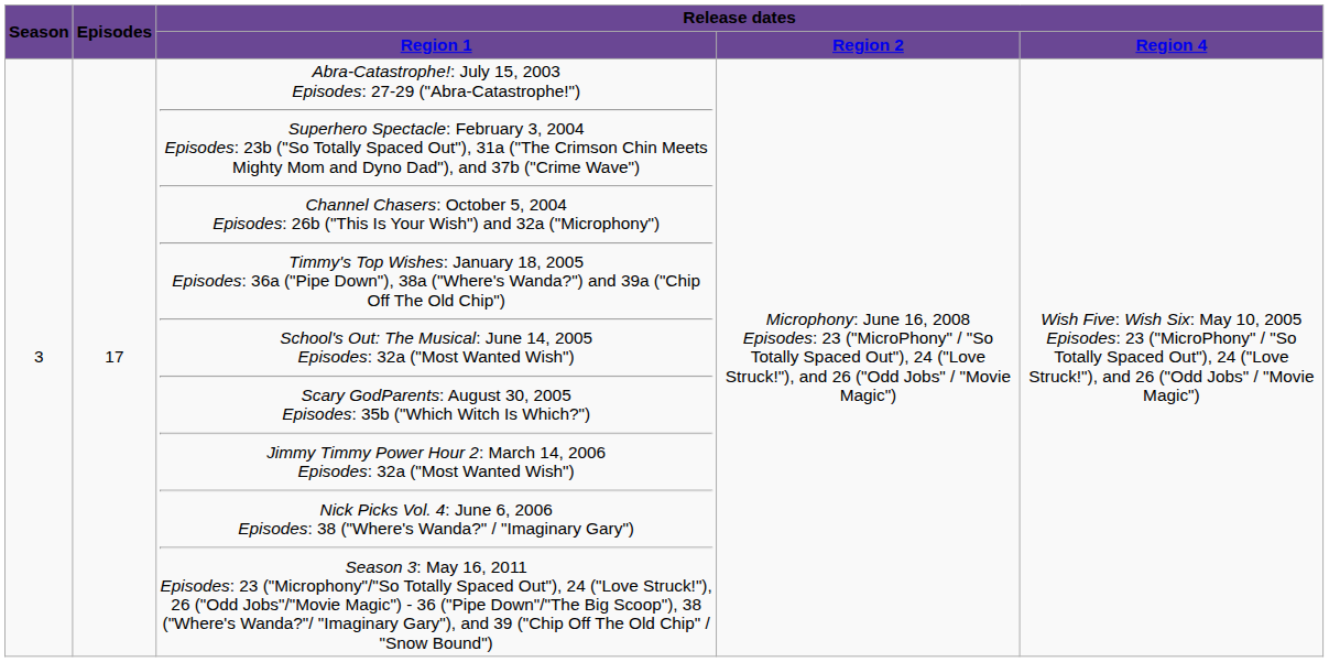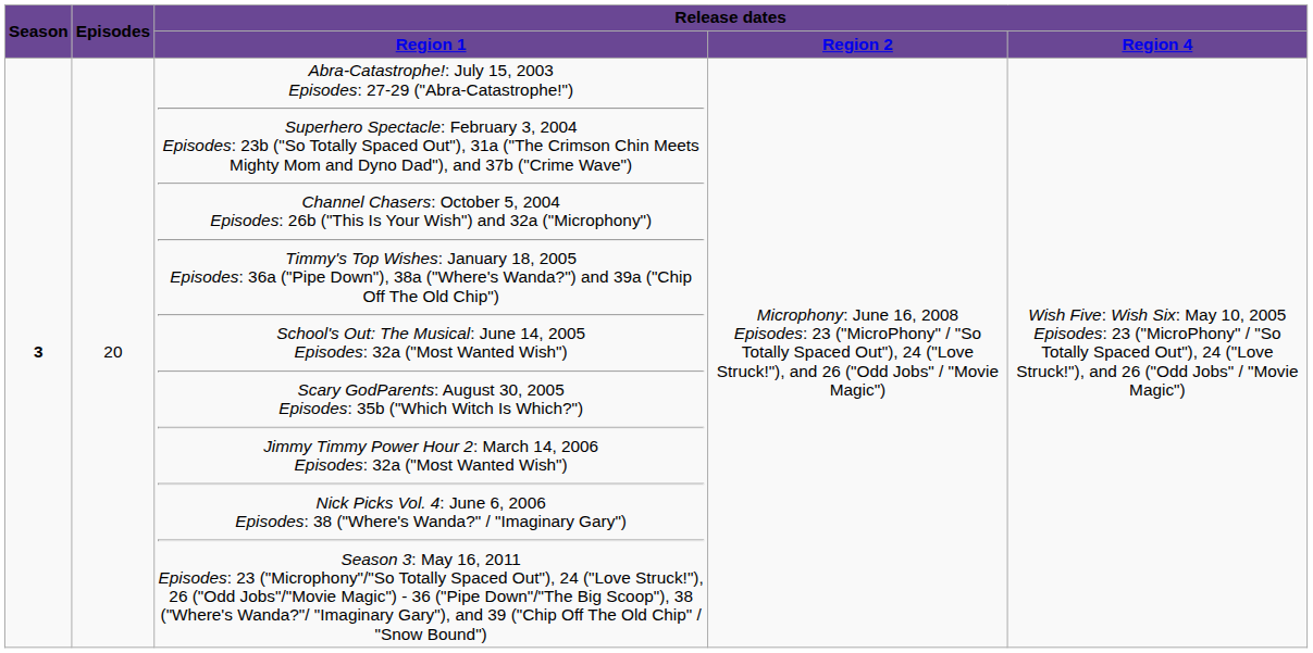 <table class="wikitable" style="text-align: center;">
 <tr>
 <th rowspan=2 style="background:#6A4794;color:#">Season</th>
 <th rowspan=2 style="background:#6A4794;color:#">Episodes</th>
 <th colspan=3 style="background:#6A4794;color:#">Release dates</th>
 </tr>
 <tr>
 <th style="background:#6A4794;color:#"><a href='#'>Region 1</a></th>
 <th style="background:#6A4794;color:#"><a href='#'>Region 2</a></th>
 <th style="background:#6A4794;color:#"><a href='#'>Region 4</a></th>
 </tr>
 <tr>
-<td>3</td>
-<td>17</td>
+<td><strong>3</strong></td>
+<td>20</td>
 <td><em>Abra-Catastrophe!</em>: July 15, 2003<br><em>Episodes</em>: 27-29 ("Abra-Catastrophe!")<hr><em>Superhero Spectacle</em>: February 3, 2004<br><em>Episodes</em>: 23b ("So Totally Spaced Out"), 31a ("The Crimson Chin Meets Mighty Mom and Dyno Dad"), and 37b ("Crime Wave") <hr><em>Channel Chasers</em>: October 5, 2004<br><em>Episodes</em>: 26b ("This Is Your Wish") and 32a ("Microphony")<hr><em>Timmy's Top Wishes</em>: January 18, 2005<br><em>Episodes</em>: 36a ("Pipe Down"), 38a ("Where's Wanda?") and 39a ("Chip Off The Old Chip")<hr><em>School's Out: The Musical</em>: June 14, 2005<br><em>Episodes</em>: 32a ("Most Wanted Wish")<hr><em>Scary GodParents</em>: August 30, 2005<br><em>Episodes</em>: 35b ("Which Witch Is Which?")<hr><em>Jimmy Timmy Power Hour 2</em>: March 14, 2006<br><em>Episodes</em>: 32a ("Most Wanted Wish")<hr><em>Nick Picks Vol. 4</em>: June 6, 2006<br><em>Episodes</em>: 38 ("Where's Wanda?" / "Imaginary Gary")<hr><em>Season 3</em>: May 16, 2011<br><em>Episodes</em>: 23 ("Microphony"/"So Totally Spaced Out"), 24 ("Love Struck!"), 26 ("Odd Jobs"/"Movie Magic") - 36 ("Pipe Down"/"The Big Scoop"), 38 ("Where's Wanda?"/ "Imaginary Gary"), and 39 ("Chip Off The Old Chip" / "Snow Bound")</td>
 <td><em>Microphony</em>: June 16, 2008<br><em>Episodes</em>: 23 ("MicroPhony" / "So Totally Spaced Out"), 24 ("Love Struck!"), and 26 ("Odd Jobs" / "Movie Magic")</td>
 <td><em>Wish Five</em>: <em>Wish Six</em>: May 10, 2005<br><em>Episodes</em>: 23 ("MicroPhony" / "So Totally Spaced Out"), 24 ("Love Struck!"), and 26 ("Odd Jobs" / "Movie Magic")</td>
 </tr>
 </table>
